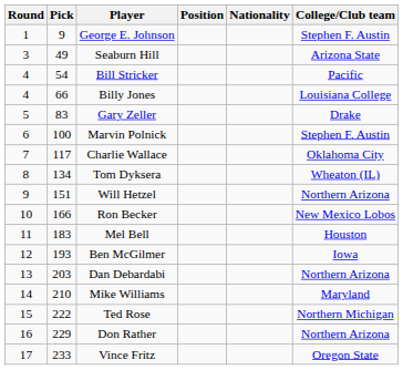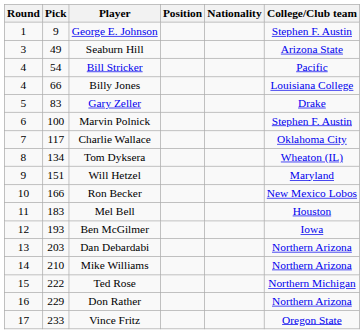 <table class="wikitable sortable sortable">
 <tr>
 <th>Round</th>
 <th>Pick</th>
 <th>Player</th>
 <th>Position</th>
 <th>Nationality</th>
 <th>College/Club team</th>
 </tr>
 <tr style="text-align: center">
 <td>1</td>
 <td>9</td>
 <td><a href='#'>George E. Johnson</a></td>
 <td></td>
 <td></td>
 <td><a href='#'>Stephen F. Austin</a></td>
 </tr>
 <tr style="text-align: center">
 <td>3</td>
 <td>49</td>
 <td>Seaburn Hill</td>
 <td></td>
 <td></td>
 <td><a href='#'>Arizona State</a></td>
 </tr>
 <tr style="text-align: center">
 <td>4</td>
 <td>54</td>
 <td><a href='#'>Bill Stricker</a></td>
 <td></td>
 <td></td>
 <td><a href='#'>Pacific</a></td>
 </tr>
 <tr style="text-align: center">
 <td>4</td>
 <td>66</td>
 <td>Billy Jones</td>
 <td></td>
 <td></td>
 <td><a href='#'>Louisiana College</a></td>
 </tr>
 <tr style="text-align: center">
 <td>5</td>
 <td>83</td>
 <td><a href='#'>Gary Zeller</a></td>
 <td></td>
 <td></td>
 <td><a href='#'>Drake</a></td>
 </tr>
 <tr style="text-align: center">
 <td>6</td>
 <td>100</td>
 <td>Marvin Polnick</td>
 <td></td>
 <td></td>
 <td><a href='#'>Stephen F. Austin</a></td>
 </tr>
 <tr style="text-align: center">
 <td>7</td>
 <td>117</td>
 <td>Charlie Wallace</td>
 <td></td>
 <td></td>
 <td><a href='#'>Oklahoma City</a></td>
 </tr>
 <tr style="text-align: center">
 <td>8</td>
 <td>134</td>
 <td>Tom Dyksera</td>
 <td></td>
 <td></td>
 <td><a href='#'>Wheaton (IL)</a></td>
 </tr>
 <tr style="text-align: center">
 <td>9</td>
 <td>151</td>
 <td>Will Hetzel</td>
 <td></td>
 <td></td>
-<td><a href='#'>Northern Arizona</a></td>
+<td><a href='#'>Maryland</a></td>
 </tr>
 <tr style="text-align: center">
 <td>10</td>
 <td>166</td>
 <td>Ron Becker</td>
 <td></td>
 <td></td>
 <td><a href='#'>New Mexico Lobos</a></td>
 </tr>
 <tr style="text-align: center">
 <td>11</td>
 <td>183</td>
 <td>Mel Bell</td>
 <td></td>
 <td></td>
 <td><a href='#'>Houston</a></td>
 </tr>
 <tr style="text-align: center">
 <td>12</td>
 <td>193</td>
 <td>Ben McGilmer</td>
 <td></td>
 <td></td>
 <td><a href='#'>Iowa</a></td>
 </tr>
 <tr style="text-align: center">
 <td>13</td>
 <td>203</td>
 <td>Dan Debardabi</td>
 <td></td>
 <td></td>
 <td><a href='#'>Northern Arizona</a></td>
 </tr>
 <tr style="text-align: center">
 <td>14</td>
 <td>210</td>
 <td>Mike Williams</td>
 <td></td>
 <td></td>
-<td><a href='#'>Maryland</a></td>
+<td><a href='#'>Northern Arizona</a></td>
 </tr>
 <tr style="text-align: center">
 <td>15</td>
 <td>222</td>
 <td>Ted Rose</td>
 <td></td>
 <td></td>
 <td><a href='#'>Northern Michigan</a></td>
 </tr>
 <tr style="text-align: center">
 <td>16</td>
 <td>229</td>
 <td>Don Rather</td>
 <td></td>
 <td></td>
 <td><a href='#'>Northern Arizona</a></td>
 </tr>
 <tr style="text-align: center">
 <td>17</td>
 <td>233</td>
 <td>Vince Fritz</td>
 <td></td>
 <td></td>
 <td><a href='#'>Oregon State</a></td>
 </tr>
 </table>
